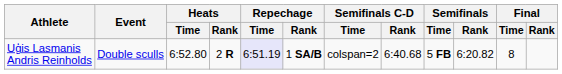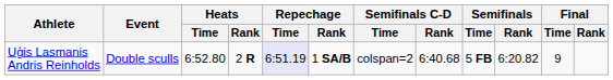 <table class="wikitable" style="font-size:90%">
 <tr>
 <th rowspan="2">Athlete</th>
 <th rowspan="2">Event</th>
 <th colspan="2">Heats</th>
 <th colspan="2">Repechage</th>
 <th colspan="2">Semifinals C-D</th>
 <th colspan="2">Semifinals</th>
 <th colspan="2">Final</th>
 </tr>
 <tr style="font-size:95%">
 <th>Time</th>
 <th>Rank</th>
 <th>Time</th>
 <th>Rank</th>
 <th>Time</th>
 <th>Rank</th>
 <th>Time</th>
 <th>Rank</th>
 <th>Time</th>
 <th>Rank</th>
 </tr>
 <tr align=center>
 <td align=left><a href='#'>Uģis Lasmanis</a><br><a href='#'>Andris Reinholds</a></td>
 <td align=left><a href='#'>Double sculls</a></td>
 <td>6:52.80</td>
 <td>2 <strong>R</strong></td>
 <td style="background: lavender;">6:51.19</td>
 <td>1 <strong>SA/B</strong></td>
 <td>colspan=2 </td>
 <td>6:40.68</td>
 <td>5 <strong>FB</strong></td>
 <td>6:20.82</td>
-<td>8</td>
+<td>9</td>
 </tr>
 </table>
